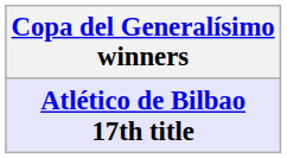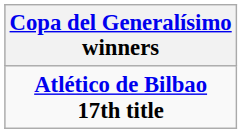 <table class="wikitable" style="text-align: center; margin: 0 auto;">
 <tr>
 <th><a href='#'>Copa del Generalísimo</a><br>winners</th>
 </tr>
 <tr>
-<td style="background: lavender;"><strong><a href='#'>Atlético de Bilbao</a></strong><br><strong>17th title</strong></td>
+<td><strong><a href='#'>Atlético de Bilbao</a></strong><br><strong>17th title</strong></td>
 </tr>
 </table>
